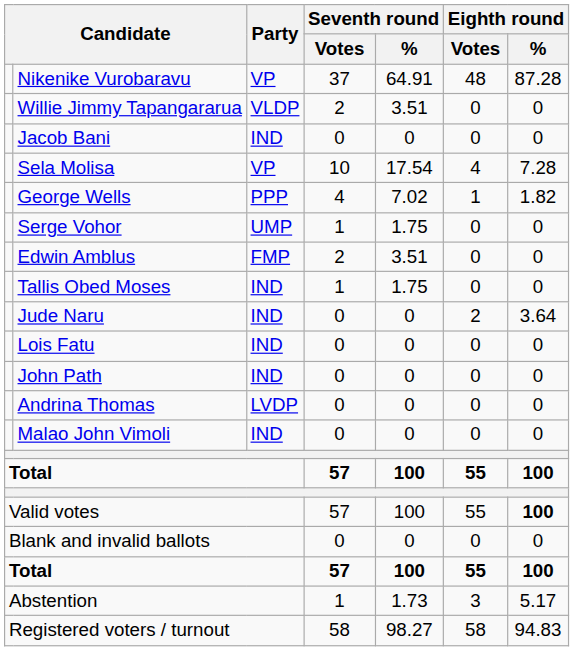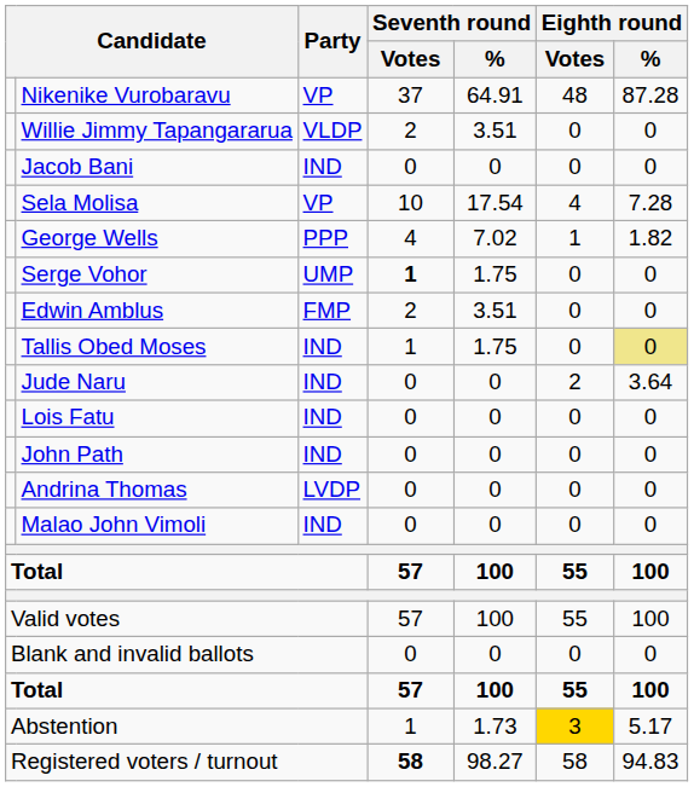 <table class="wikitable" style="text-align:center">
 <tr>
 <th rowspan="2" colspan="2">Candidate</th>
 <th rowspan="2">Party</th>
 <th colspan="2">Seventh round</th>
 <th colspan="2">Eighth round</th>
 </tr>
 <tr>
 <th>Votes</th>
 <th>%</th>
 <th>Votes</th>
 <th>%</th>
 </tr>
 <tr>
 <td style="background:"></td>
 <td align=left><a href='#'>Nikenike Vurobaravu</a></td>
 <td align=left><a href='#'>VP</a></td>
 <td>37</td>
 <td>64.91</td>
 <td>48</td>
 <td>87.28</td>
 </tr>
 <tr>
 <td></td>
 <td align=left><a href='#'>Willie Jimmy Tapangararua</a></td>
 <td align=left><a href='#'>VLDP</a></td>
 <td>2</td>
 <td>3.51</td>
 <td>0</td>
 <td>0</td>
 </tr>
 <tr>
 <td style="background:"></td>
 <td align=left><a href='#'>Jacob Bani</a></td>
 <td align=left><a href='#'>IND</a></td>
 <td>0</td>
 <td>0</td>
 <td>0</td>
 <td>0</td>
 </tr>
 <tr>
 <td style="background:"></td>
 <td align=left><a href='#'>Sela Molisa</a></td>
 <td align=left><a href='#'>VP</a></td>
 <td>10</td>
 <td>17.54</td>
 <td>4</td>
 <td>7.28</td>
 </tr>
 <tr>
 <td style="background:"></td>
 <td align=left><a href='#'> George Wells</a></td>
 <td align=left><a href='#'>PPP</a></td>
 <td>4</td>
 <td>7.02</td>
 <td>1</td>
 <td>1.82</td>
 </tr>
 <tr>
 <td style="background:"></td>
 <td align=left><a href='#'>Serge Vohor</a></td>
 <td align=left><a href='#'>UMP</a></td>
-<td>1</td>
+<td><strong>1</strong></td>
 <td>1.75</td>
 <td>0</td>
 <td>0</td>
 </tr>
 <tr>
 <td style="background:"></td>
 <td align=left><a href='#'>Edwin Amblus</a></td>
 <td align=left><a href='#'>FMP</a></td>
 <td>2</td>
 <td>3.51</td>
 <td>0</td>
 <td>0</td>
 </tr>
 <tr>
 <td style="background:"></td>
 <td align=left><a href='#'>Tallis Obed Moses</a></td>
 <td align=left><a href='#'>IND</a></td>
 <td>1</td>
 <td>1.75</td>
 <td>0</td>
-<td>0</td>
+<td style="background: khaki;">0</td>
 </tr>
 <tr>
 <td style="background:"></td>
 <td align=left><a href='#'>Jude Naru</a></td>
 <td align=left><a href='#'>IND</a></td>
 <td>0</td>
 <td>0</td>
 <td>2</td>
 <td>3.64</td>
 </tr>
 <tr>
 <td style="background:"></td>
 <td align=left><a href='#'>Lois Fatu</a></td>
 <td align=left><a href='#'>IND</a></td>
 <td>0</td>
 <td>0</td>
 <td>0</td>
 <td>0</td>
 </tr>
 <tr>
 <td style="background:"></td>
 <td align=left><a href='#'>John Path</a></td>
 <td align=left><a href='#'>IND</a></td>
 <td>0</td>
 <td>0</td>
 <td>0</td>
 <td>0</td>
 </tr>
 <tr>
 <td></td>
 <td align=left><a href='#'>Andrina Thomas</a></td>
 <td align=left><a href='#'>LVDP</a></td>
 <td>0</td>
 <td>0</td>
 <td>0</td>
 <td>0</td>
 </tr>
 <tr>
 <td style="background:"></td>
 <td align=left><a href='#'>Malao John Vimoli</a></td>
 <td align=left><a href='#'>IND</a></td>
 <td>0</td>
 <td>0</td>
 <td>0</td>
 <td>0</td>
 </tr>
 <tr>
 <th colspan="25"></th>
 </tr>
 <tr>
 <td colspan="3" align=left><strong>Total</strong></td>
 <td><strong>57</strong></td>
 <td><strong>100</strong></td>
 <td><strong>55</strong></td>
 <td><strong>100</strong></td>
 </tr>
 <tr>
 <th colspan="25"></th>
 </tr>
 <tr>
 <td colspan="3" align=left>Valid votes</td>
 <td>57</td>
 <td>100</td>
 <td>55</td>
-<td><strong>100</strong></td>
+<td>100</td>
 </tr>
 <tr>
 <td colspan="3" align=left>Blank and invalid ballots</td>
 <td>0</td>
 <td>0</td>
 <td>0</td>
 <td>0</td>
 </tr>
 <tr>
 <td colspan="3" align=left><strong>Total</strong></td>
 <td><strong>57</strong></td>
 <td><strong>100</strong></td>
 <td><strong>55</strong></td>
 <td><strong>100</strong></td>
 </tr>
 <tr>
 <td colspan="3" align=left>Abstention</td>
 <td>1</td>
 <td>1.73</td>
-<td>3</td>
+<td style="background: gold;">3</td>
 <td>5.17</td>
 </tr>
 <tr>
 <td colspan="3" align=left>Registered voters / turnout</td>
-<td>58</td>
+<td><strong>58</strong></td>
 <td>98.27</td>
 <td>58</td>
 <td>94.83</td>
 </tr>
 </table>
